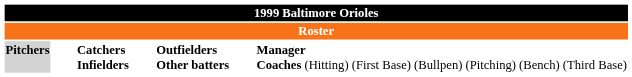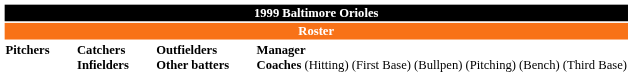 <table class="toccolours" style="font-size: 95%;">
 <tr>
 <th colspan="10" style="background-color: black; color: white; text-align: center;">1999 Baltimore Orioles</th>
 </tr>
 <tr>
 <td colspan="10" style="background-color: #F87217; color: white; text-align: center;"><strong>Roster</strong></td>
 </tr>
 <tr>
-<td valign="top" style="background: lightgrey;"><strong>Pitchers</strong><br>                    </td>
+<td valign="top"><strong>Pitchers</strong><br>                    </td>
 <td width="25px"></td>
 <td valign="top"><strong>Catchers</strong><br>    <strong>Infielders</strong>           </td>
 <td width="25px"></td>
 <td valign="top"><strong>Outfielders</strong><br>      <strong>Other batters</strong> </td>
 <td width="25px"></td>
 <td valign="top"><strong>Manager</strong><br> <strong>Coaches</strong>  (Hitting)  (First Base)  (Bullpen)  (Pitching)  (Bench)  (Third Base)</td>
 </tr>
 </table>
